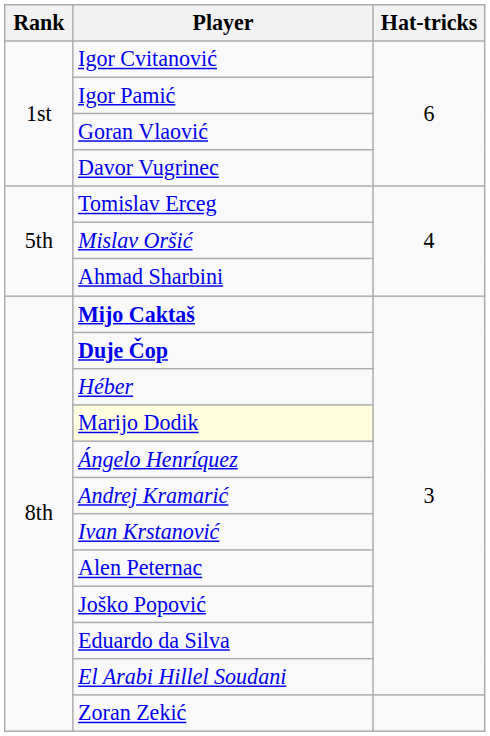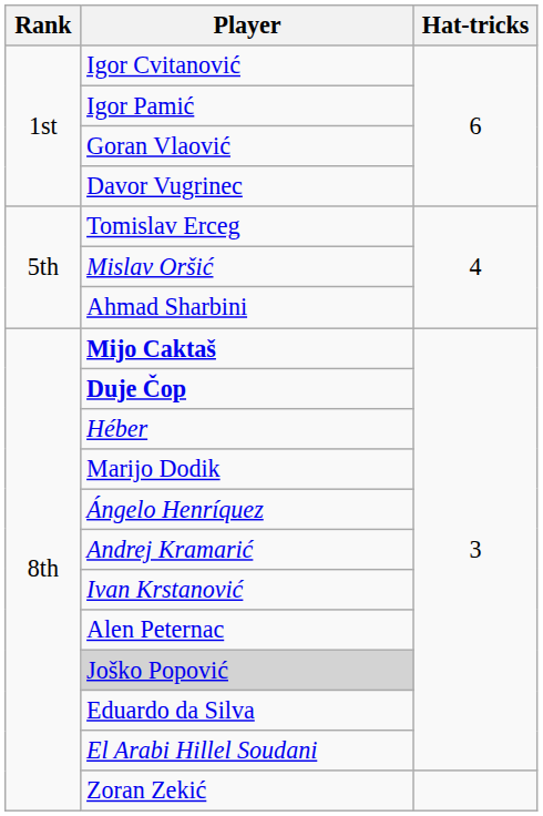 <table class="wikitable" style="font-size:95%">
 <tr>
 <th width="40">Rank</th>
 <th width="200">Player</th>
 <th width="70">Hat-tricks</th>
 </tr>
 <tr>
 <td rowspan="4" style="text-align:center;border-top:1px solid silver">1st</td>
 <td style="border-top:1px solid silver"> <a href='#'>Igor Cvitanović</a></td>
 <td rowspan="4" style="text-align:center; border-top:1px solid silver">6</td>
 </tr>
 <tr>
 <td> <a href='#'>Igor Pamić</a></td>
 </tr>
 <tr>
 <td> <a href='#'>Goran Vlaović</a></td>
 </tr>
 <tr>
 <td> <a href='#'>Davor Vugrinec</a></td>
 </tr>
 <tr>
 <td rowspan="3" style="text-align:center;border-top:1px solid silver">5th</td>
 <td style="border-top:1px solid silver"> <a href='#'>Tomislav Erceg</a></td>
 <td rowspan="3" style="text-align:center; border-top:1px solid silver">4</td>
 </tr>
 <tr>
 <td> <em><a href='#'>Mislav Oršić</a></em></td>
 </tr>
 <tr>
 <td> <a href='#'>Ahmad Sharbini</a></td>
 </tr>
 <tr>
 <td rowspan="12" style="text-align:center;border-top:1px solid silver">8th</td>
 <td style="border-top:1px solid silver"> <strong><a href='#'>Mijo Caktaš</a></strong></td>
 <td rowspan="11" style="text-align:center; border-top:1px solid silver">3</td>
 </tr>
 <tr>
 <td> <strong><a href='#'>Duje Čop</a></strong></td>
 </tr>
 <tr>
 <td> <em><a href='#'>Héber</a></em></td>
 </tr>
 <tr>
-<td style="background: lightyellow;"> <a href='#'>Marijo Dodik</a></td>
+<td> <a href='#'>Marijo Dodik</a></td>
 </tr>
 <tr>
 <td> <em><a href='#'>Ángelo Henríquez</a></em></td>
 </tr>
 <tr>
 <td> <em><a href='#'>Andrej Kramarić</a></em></td>
 </tr>
 <tr>
 <td> <em><a href='#'>Ivan Krstanović</a></em></td>
 </tr>
 <tr>
 <td> <a href='#'>Alen Peternac</a></td>
 </tr>
 <tr>
-<td> <a href='#'>Joško Popović</a></td>
+<td style="background: lightgrey;"> <a href='#'>Joško Popović</a></td>
 </tr>
 <tr>
 <td> <a href='#'>Eduardo da Silva</a></td>
 </tr>
 <tr>
 <td> <em><a href='#'>El Arabi Hillel Soudani</a></em></td>
 </tr>
 <tr>
 <td> <a href='#'>Zoran Zekić</a></td>
 </tr>
 </table>
